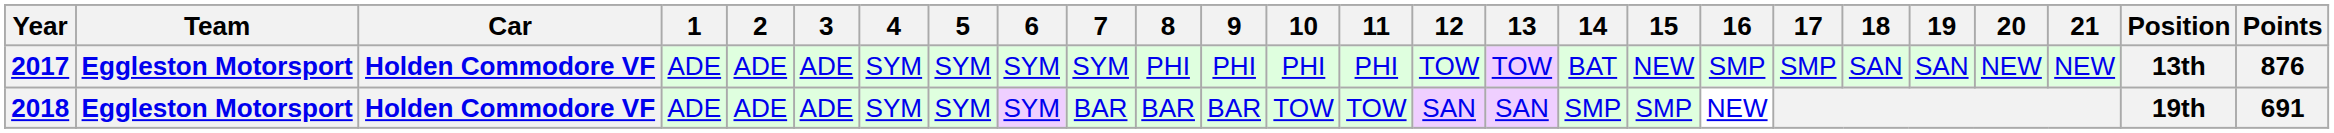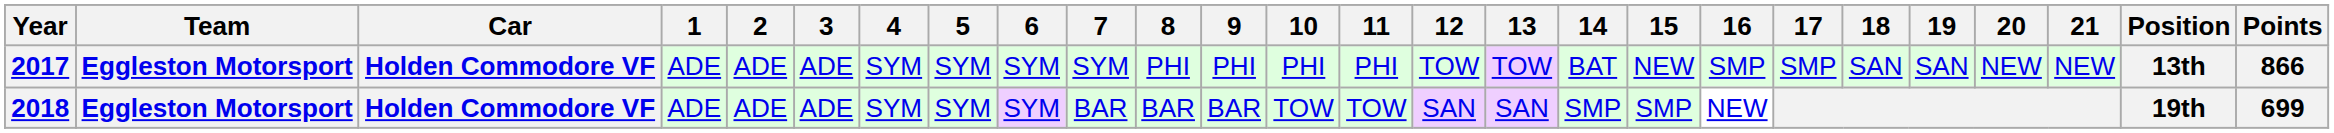 <table class="wikitable" style="text-align:center; font-size:85%">
 <tr>
 <th>Year</th>
 <th>Team</th>
 <th>Car</th>
 <th>1</th>
 <th>2</th>
 <th>3</th>
 <th>4</th>
 <th>5</th>
 <th>6</th>
 <th>7</th>
 <th>8</th>
 <th>9</th>
 <th>10</th>
 <th>11</th>
 <th>12</th>
 <th>13</th>
 <th>14</th>
 <th>15</th>
 <th>16</th>
 <th>17</th>
 <th>18</th>
 <th>19</th>
 <th>20</th>
 <th>21</th>
 <th>Position</th>
 <th>Points</th>
 </tr>
 <tr>
 <th><a href='#'>2017</a></th>
 <th><a href='#'>Eggleston Motorsport</a></th>
 <th><a href='#'>Holden Commodore VF</a></th>
 <td style=background:#dfffdf><a href='#'>ADE</a><br></td>
 <td style=background:#dfffdf><a href='#'>ADE</a><br></td>
 <td style=background:#dfffdf><a href='#'>ADE</a><br></td>
 <td style=background:#dfffdf><a href='#'>SYM</a><br></td>
 <td style=background:#dfffdf><a href='#'>SYM</a><br></td>
 <td style=background:#dfffdf><a href='#'>SYM</a><br></td>
 <td style=background:#dfffdf><a href='#'>SYM</a><br></td>
 <td style=background:#dfffdf><a href='#'>PHI</a><br></td>
 <td style=background:#dfffdf><a href='#'>PHI</a><br></td>
 <td style=background:#dfffdf><a href='#'>PHI</a><br></td>
 <td style=background:#dfffdf><a href='#'>PHI</a><br></td>
 <td style=background:#dfffdf><a href='#'>TOW</a><br></td>
 <td style=background:#efcfff><a href='#'>TOW</a><br></td>
 <td style="background:#dfffdf"><a href='#'>BAT</a><br></td>
 <td style="background:#dfffdf"><a href='#'>NEW</a><br></td>
 <td style=background:#dfffdf><a href='#'>SMP</a><br></td>
 <td style=background:#dfffdf><a href='#'>SMP</a><br></td>
 <td style=background:#dfffdf><a href='#'>SAN</a><br></td>
 <td style=background:#dfffdf><a href='#'>SAN</a><br></td>
 <td style=background:#dfffdf><a href='#'>NEW</a><br></td>
 <td style=background:#dfffdf><a href='#'>NEW</a><br></td>
 <th>13th</th>
-<th>876</th>
+<th>866</th>
 </tr>
 <tr>
 <th><a href='#'>2018</a></th>
 <th><a href='#'>Eggleston Motorsport</a></th>
 <th><a href='#'>Holden Commodore VF</a></th>
 <td style="background:#dfffdf"><a href='#'>ADE</a><br></td>
 <td style="background:#dfffdf"><a href='#'>ADE</a><br></td>
 <td style="background:#dfffdf"><a href='#'>ADE</a><br></td>
 <td style="background:#dfffdf"><a href='#'>SYM</a><br></td>
 <td style="background:#dfffdf"><a href='#'>SYM</a><br></td>
 <td style="background:#efcfff"><a href='#'>SYM</a><br></td>
 <td style="background:#dfffdf"><a href='#'>BAR</a><br></td>
 <td style="background:#dfffdf"><a href='#'>BAR</a><br></td>
 <td style="background:#dfffdf"><a href='#'>BAR</a><br></td>
 <td style="background:#dfffdf"><a href='#'>TOW</a><br></td>
 <td style="background:#dfffdf"><a href='#'>TOW</a><br></td>
 <td style="background:#efcfff"><a href='#'>SAN</a><br></td>
 <td style="background:#efcfff"><a href='#'>SAN</a><br></td>
 <td style=background:#dfffdf><a href='#'>SMP</a><br></td>
 <td style=background:#dfffdf><a href='#'>SMP</a><br></td>
 <td style="background:#ffffff"><a href='#'>NEW</a><br></td>
 <th colspan=5></th>
 <th>19th</th>
-<th>691</th>
+<th>699</th>
 </tr>
 </table>
